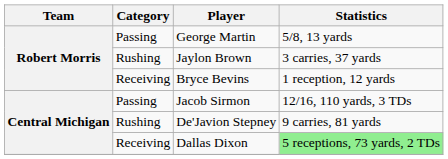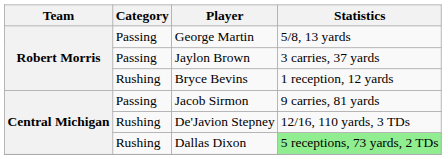 <table class="wikitable" style="float: left;">
 <tr>
 <th>Team</th>
 <th>Category</th>
 <th>Player</th>
 <th>Statistics</th>
 </tr>
 <tr>
 <th rowspan=3>Robert Morris</th>
 <td>Passing</td>
 <td>George Martin</td>
 <td>5/8, 13 yards</td>
 </tr>
 <tr>
-<td>Rushing</td>
+<td>Passing</td>
 <td>Jaylon Brown</td>
 <td>3 carries, 37 yards</td>
 </tr>
 <tr>
-<td>Receiving</td>
+<td>Rushing</td>
 <td>Bryce Bevins</td>
 <td>1 reception, 12 yards</td>
 </tr>
 <tr>
 <th rowspan=3 style=>Central Michigan</th>
 <td>Passing</td>
 <td>Jacob Sirmon</td>
+<td>9 carries, 81 yards</td>
+</tr>
+<tr>
+<td>Rushing</td>
+<td>De'Javion Stepney</td>
 <td>12/16, 110 yards, 3 TDs</td>
 </tr>
 <tr>
 <td>Rushing</td>
-<td>De'Javion Stepney</td>
-<td>9 carries, 81 yards</td>
-</tr>
-<tr>
-<td>Receiving</td>
 <td>Dallas Dixon</td>
 <td style="background: lightgreen;">5 receptions, 73 yards, 2 TDs</td>
 </tr>
 <tr>
 </tr>
 </table>
